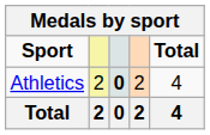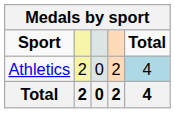 <table class="wikitable" border="1" style="font-size:85%; float:down">
 <tr bgcolor=#efefef>
 <th colspan=7><strong>Medals by sport</strong></th>
 </tr>
 <tr align=center>
 <td><strong>Sport</strong></td>
 <td bgcolor=#f7f6a8></td>
 <td bgcolor=#dce5e5></td>
 <td bgcolor=#ffdab9></td>
 <td><strong>Total</strong></td>
 </tr>
 <tr align=center>
 <td><a href='#'>Athletics</a></td>
 <td bgcolor=#f7f6a8>2</td>
-<td bgcolor=#dce5e5><strong>0</strong></td>
+<td bgcolor=#dce5e5>0</td>
 <td bgcolor=#ffdab9>2</td>
-<td>4</td>
+<td style="background: lightblue;">4</td>
 </tr>
 <tr align=center>
 <th><strong>Total</strong></th>
 <th bgcolor=gold><strong>2</strong></th>
 <th bgcolor=silver><strong>0</strong></th>
 <th bgcolor=#c96><strong>2</strong></th>
 <th><strong>4</strong></th>
 </tr>
 </table>
